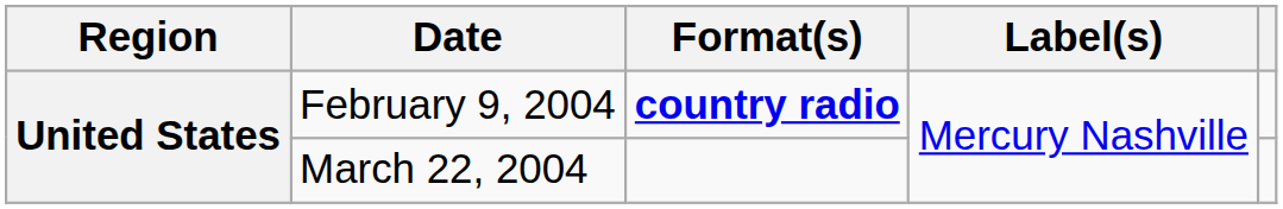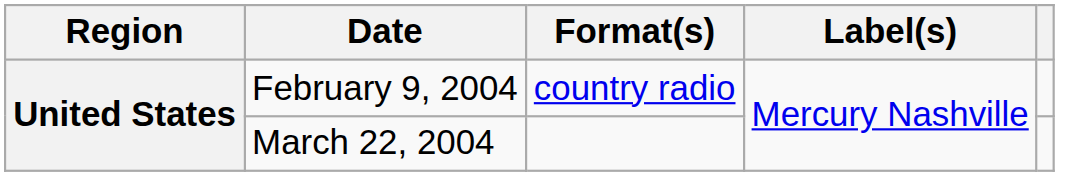 <table class="wikitable">
 <tr>
 <th scope="col">Region</th>
 <th scope="col">Date</th>
 <th scope="col">Format(s)</th>
 <th scope="col">Label(s)</th>
 <th scope="col"></th>
 </tr>
 <tr>
 <th scope="row" rowspan="2">United States</th>
 <td>February 9, 2004</td>
-<td><strong><a href='#'>country radio</a></strong></td>
+<td><a href='#'>country radio</a></td>
 <td rowspan="2"><a href='#'>Mercury Nashville</a></td>
 <td></td>
 </tr>
 <tr>
 <td>March 22, 2004</td>
 <td></td>
 <td></td>
 </tr>
 </table>
